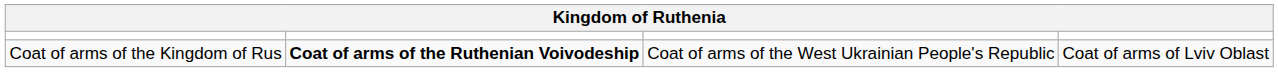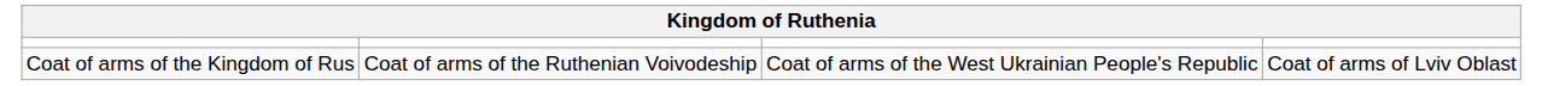 <table class="wikitable" style="margin:0.3em auto">
 <tr>
 <th colspan="4" class="hintergrundfarbe8">Kingdom of Ruthenia</th>
 </tr>
 <tr align="center" bgcolor="#FFFFFF">
 <td></td>
 <td></td>
 <td></td>
 <td></td>
 </tr>
 <tr class="hintergrundfarbe8" align="center">
 <td>Coat of arms of the Kingdom of Rus</td>
-<td><strong>Coat of arms of the Ruthenian Voivodeship</strong></td>
+<td>Coat of arms of the Ruthenian Voivodeship</td>
 <td>Coat of arms of the West Ukrainian People's Republic</td>
 <td>Coat of arms of Lviv Oblast</td>
 </tr>
 </table>
